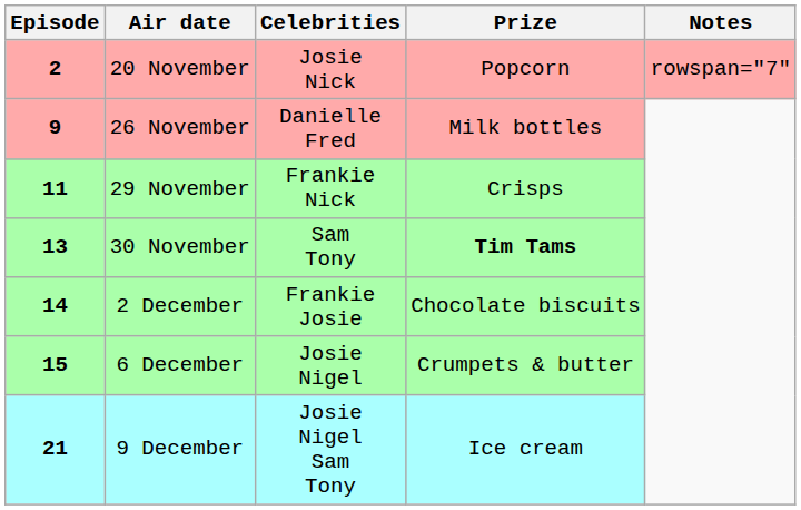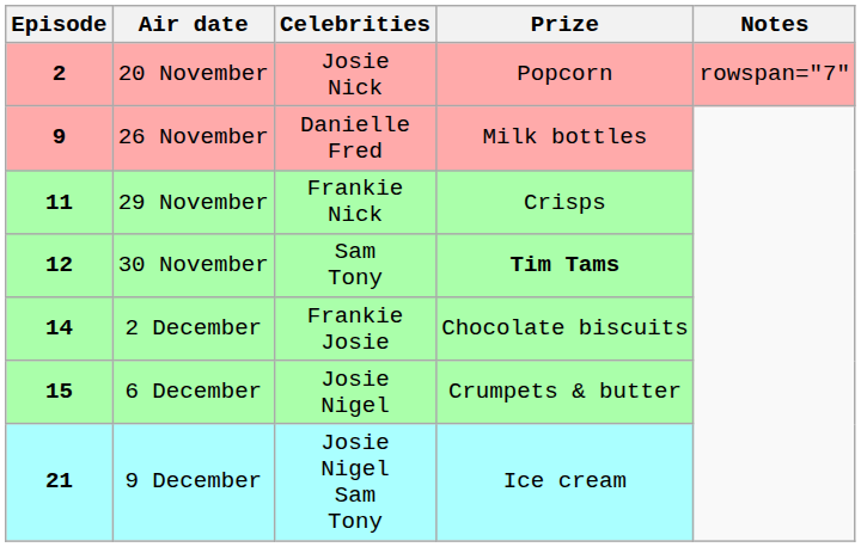 <table class=wikitable style="text-align:center">
 <tr>
 <th>Episode</th>
 <th>Air date</th>
 <th>Celebrities</th>
 <th>Prize</th>
 <th>Notes</th>
 </tr>
 <tr style="background:#ffaaaa">
 <td><strong>2</strong></td>
 <td>20 November</td>
 <td>Josie<br>Nick</td>
 <td>Popcorn</td>
 <td>rowspan="7" </td>
 </tr>
 <tr style="background:#ffaaaa">
 <td><strong>9</strong></td>
 <td>26 November</td>
 <td>Danielle<br>Fred</td>
 <td>Milk bottles</td>
 </tr>
 <tr style="background:#aaffaa">
 <td><strong>11</strong></td>
 <td>29 November</td>
 <td>Frankie<br>Nick</td>
 <td>Crisps</td>
 </tr>
 <tr style="background:#aaffaa">
-<td><strong>13</strong></td>
+<td><strong>12</strong></td>
 <td>30 November</td>
 <td>Sam<br>Tony</td>
 <td><strong>Tim Tams</strong></td>
 </tr>
 <tr style="background:#aaffaa">
 <td><strong>14</strong></td>
 <td>2 December</td>
 <td>Frankie<br>Josie</td>
 <td>Chocolate biscuits</td>
 </tr>
 <tr style="background:#aaffaa">
 <td><strong>15</strong></td>
 <td>6 December</td>
 <td>Josie<br>Nigel</td>
 <td>Crumpets & butter</td>
 </tr>
 <tr style="background:#aaffff">
 <td><strong>21</strong></td>
 <td>9 December</td>
 <td>Josie<br>Nigel<br>Sam<br>Tony</td>
 <td>Ice cream</td>
 </tr>
 </table>
